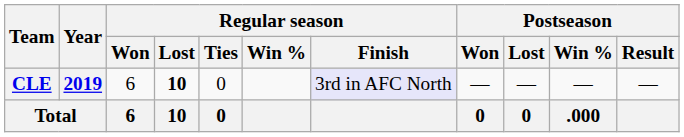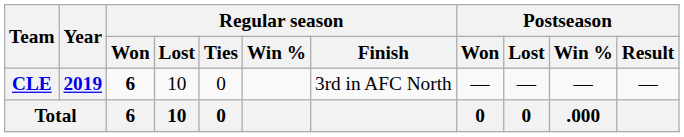 <table class="wikitable" style="font-size: 95%; text-align:center;">
 <tr>
 <th rowspan="2">Team</th>
 <th rowspan="2">Year</th>
 <th colspan="5">Regular season</th>
 <th colspan="4">Postseason</th>
 </tr>
 <tr>
 <th>Won</th>
 <th>Lost</th>
 <th>Ties</th>
 <th>Win %</th>
 <th>Finish</th>
 <th>Won</th>
 <th>Lost</th>
 <th>Win %</th>
 <th>Result</th>
 </tr>
 <tr>
 <th><a href='#'>CLE</a></th>
 <th><a href='#'>2019</a></th>
-<td>6</td>
-<td><strong>10</strong></td>
+<td><strong>6</strong></td>
+<td>10</td>
 <td>0</td>
 <td></td>
-<td style="background: lavender;">3rd in AFC North</td>
+<td>3rd in AFC North</td>
 <td>—</td>
 <td>—</td>
 <td>—</td>
 <td>—</td>
 </tr>
 <tr>
 <th colspan="2">Total</th>
 <th>6</th>
 <th>10</th>
 <th>0</th>
 <th></th>
 <th></th>
 <th>0</th>
 <th>0</th>
 <th>.000</th>
 <th></th>
 </tr>
 </table>
